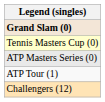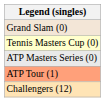 <table class="wikitable">
 <tr>
 <th>Legend (singles)</th>
 </tr>
 <tr bgcolor="#f3e6d7">
-<td><strong>Grand Slam (0)</strong></td>
+<td>Grand Slam (0)</td>
 </tr>
 <tr bgcolor="ffffcc">
 <td>Tennis Masters Cup (0)</td>
 </tr>
 <tr bgcolor="#e9e9e9">
 <td>ATP Masters Series (0)</td>
 </tr>
 <tr>
-<td>ATP Tour (1)</td>
+<td style="background: lightsalmon;">ATP Tour (1)</td>
 </tr>
 <tr bgcolor="moccasin">
 <td>Challengers (12)</td>
 </tr>
 </table>
